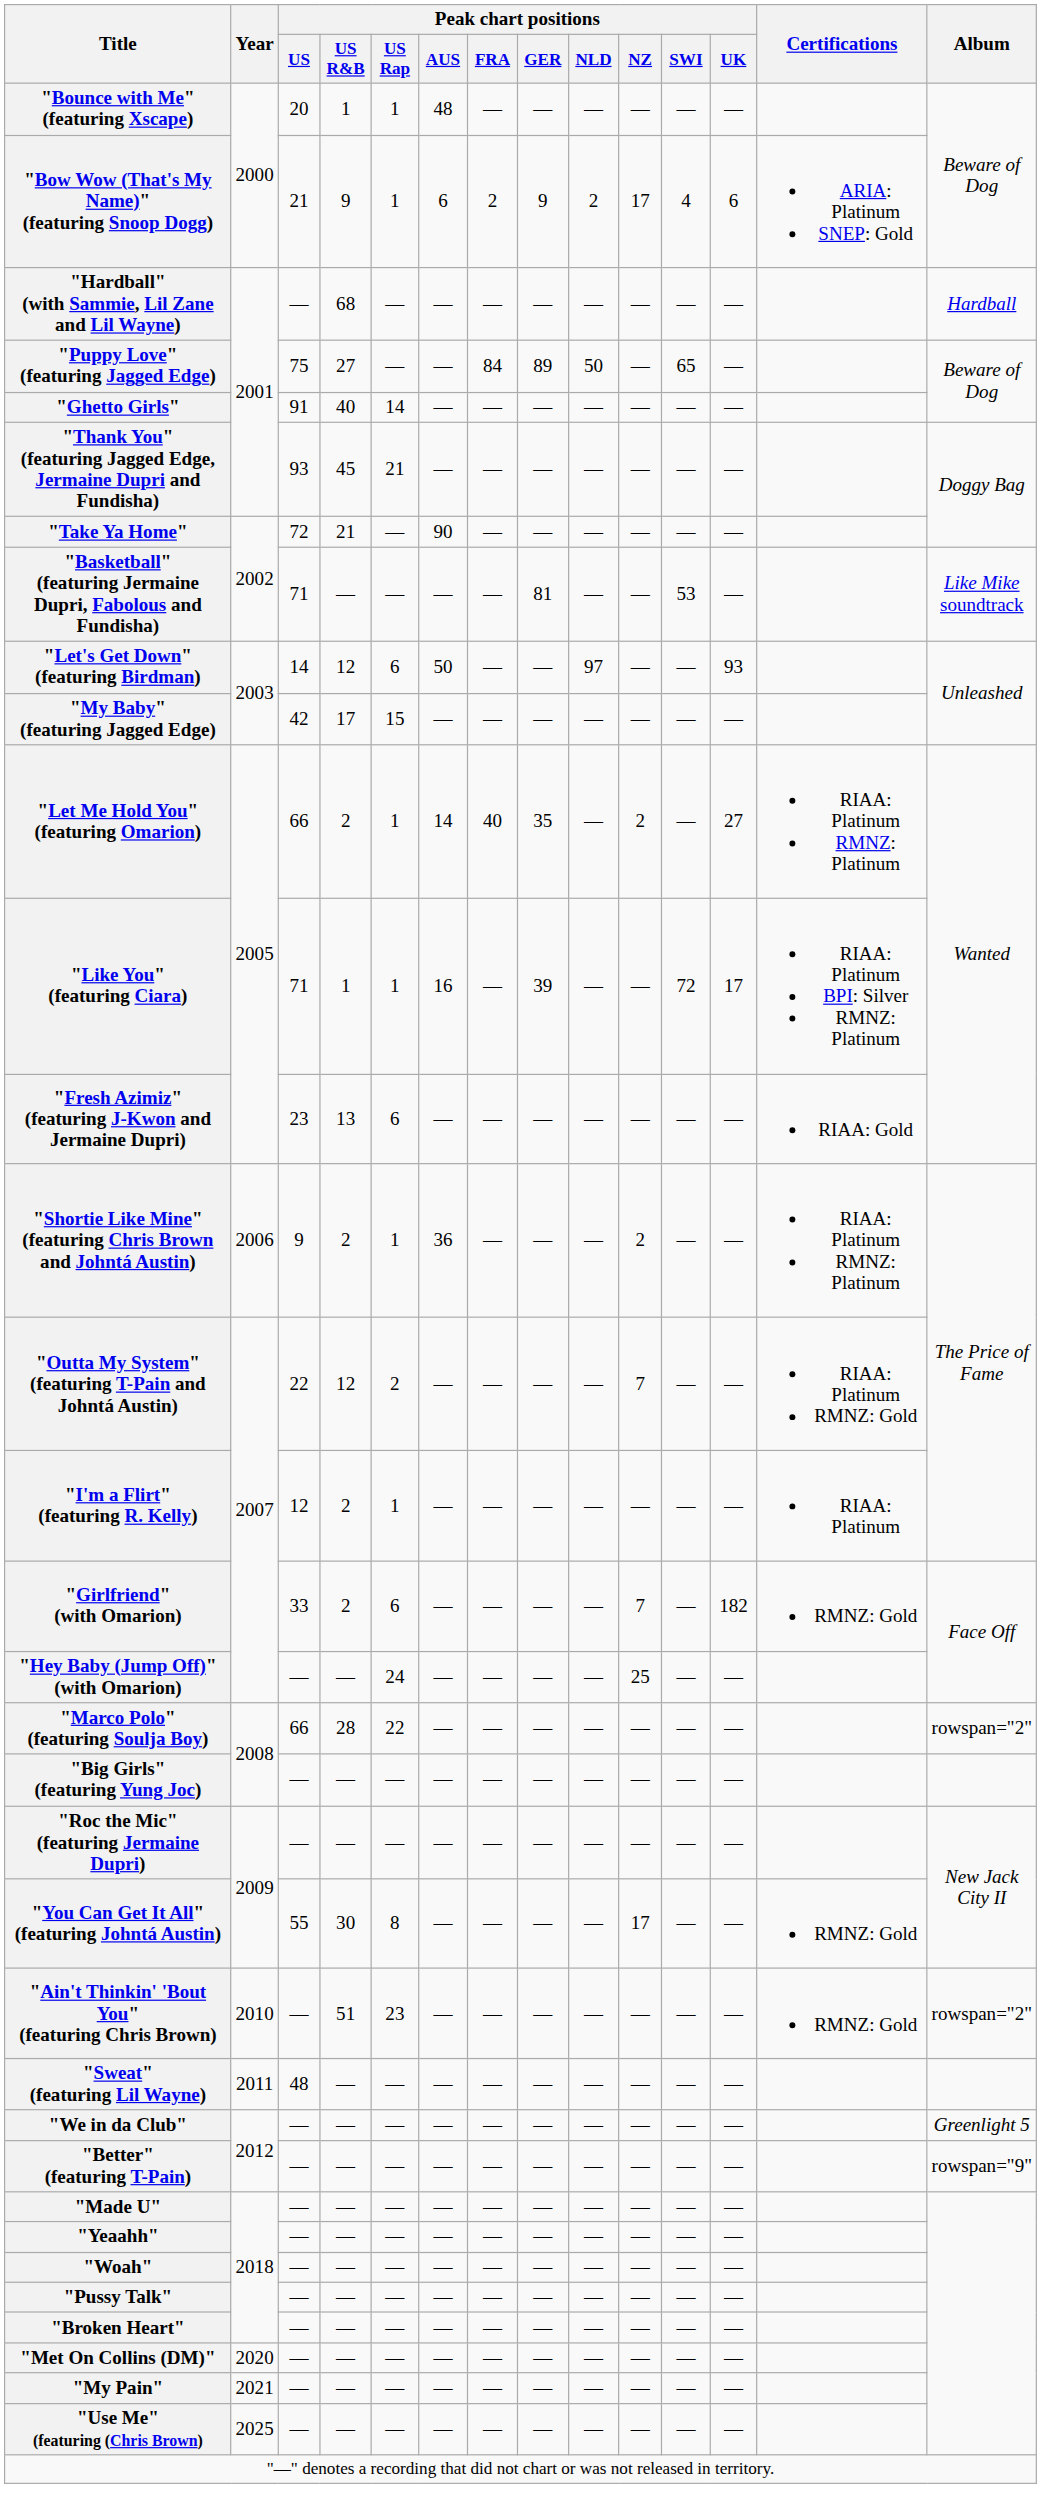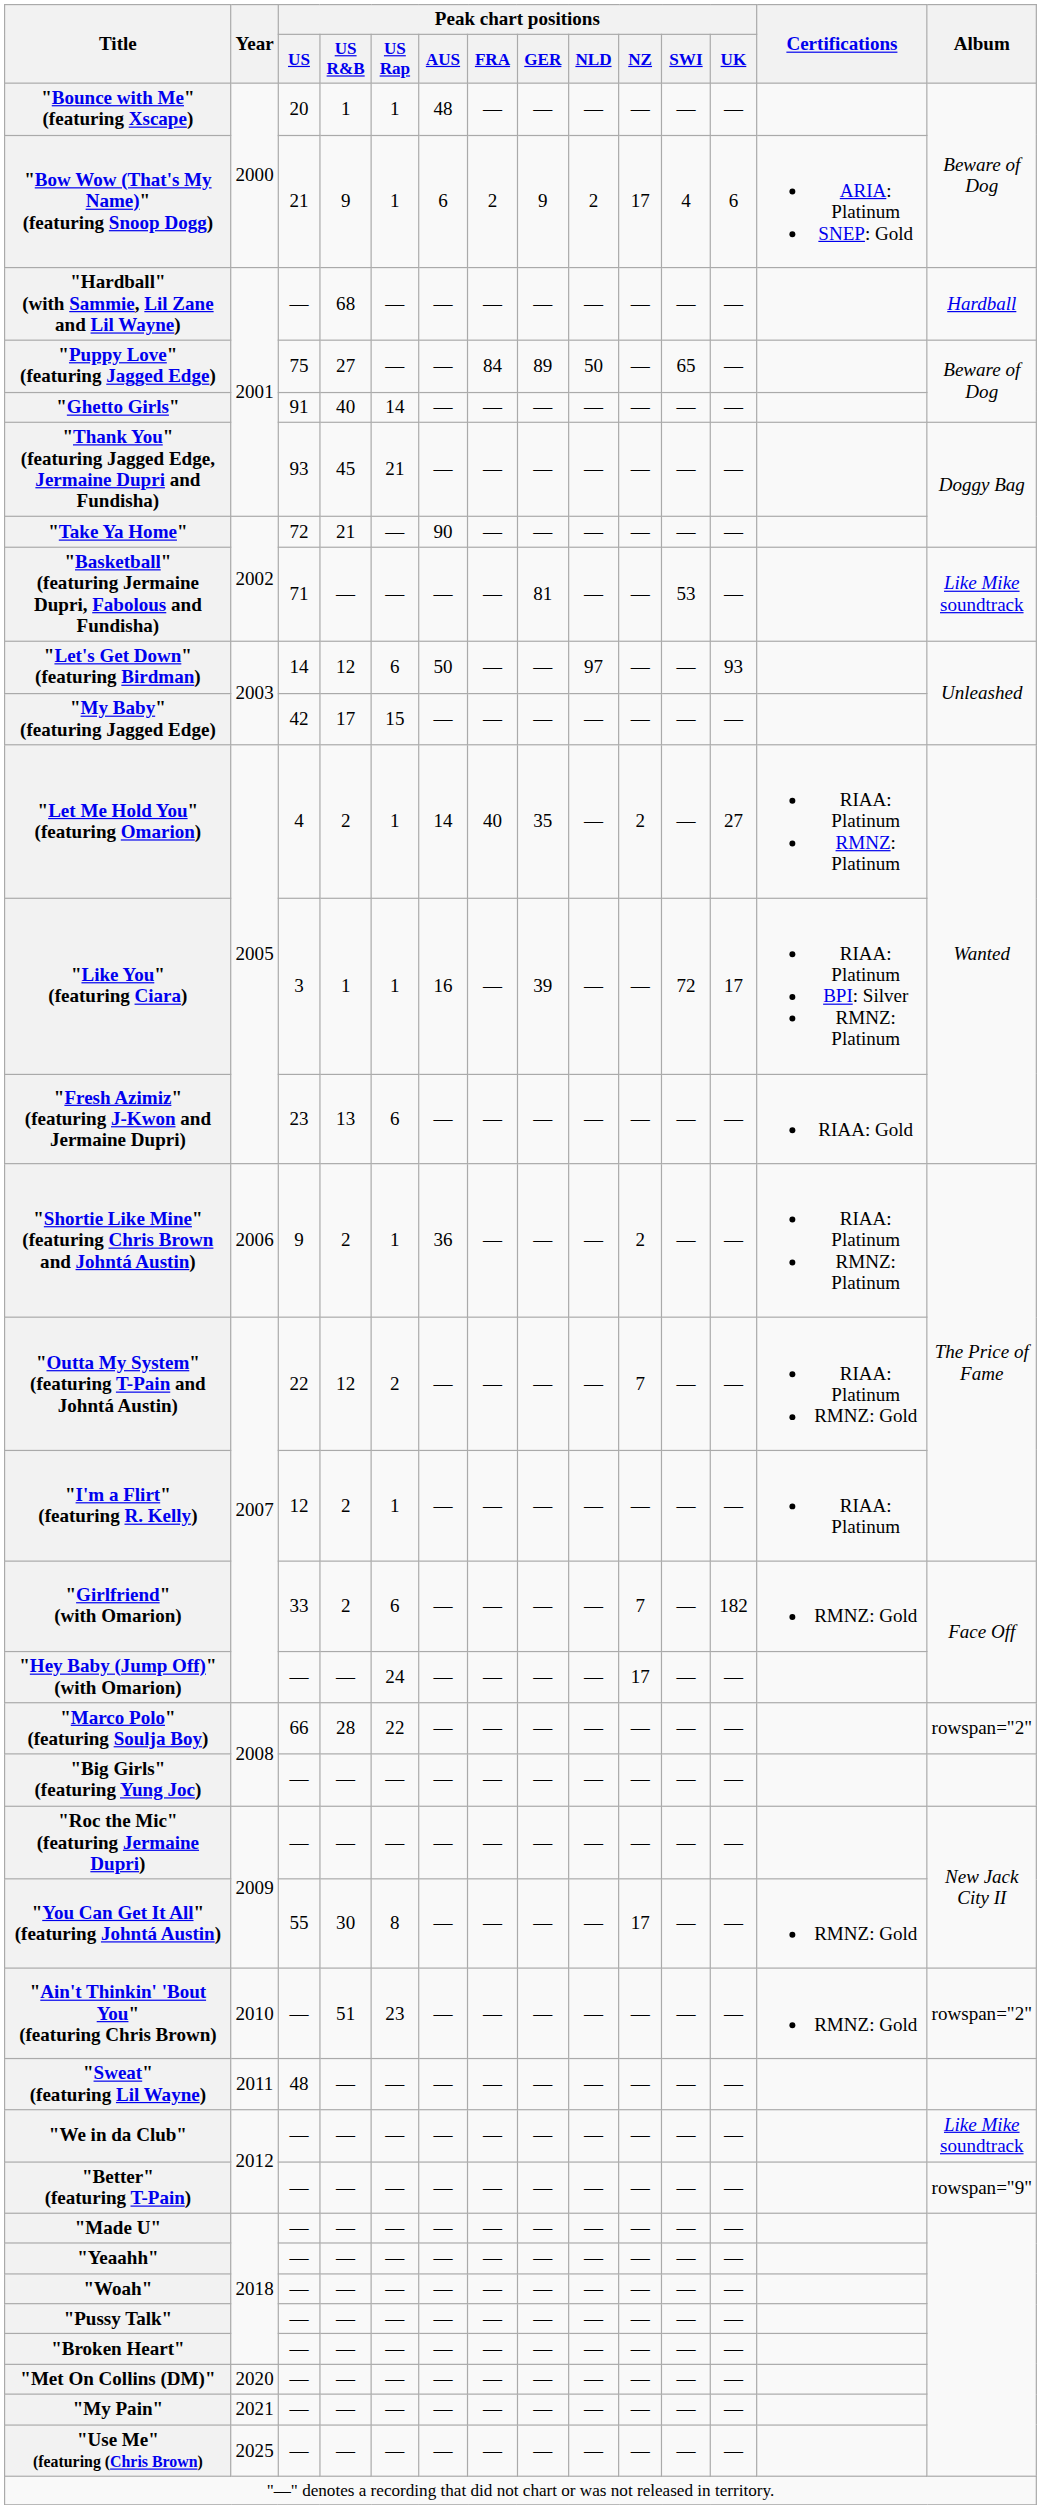 <table class="wikitable plainrowheaders" style="text-align:center;">
 <tr>
 <th scope="col" rowspan="2" style="width:20em;">Title</th>
 <th scope="col" rowspan="2">Year</th>
 <th scope="col" colspan="10">Peak chart positions</th>
 <th scope="col" rowspan="2" style="width:12em;"><a href='#'>Certifications</a></th>
 <th scope="col" rowspan="2">Album</th>
 </tr>
 <tr>
 <th style="width:3em; font-size:90%"><a href='#'>US</a><br></th>
 <th style="width:3em; font-size:90%"><a href='#'>US R&B</a><br></th>
 <th style="width:3em; font-size:90%"><a href='#'>US Rap</a><br></th>
 <th style="width:3em; font-size:90%"><a href='#'>AUS</a><br></th>
 <th style="width:3em; font-size:90%"><a href='#'>FRA</a><br></th>
 <th style="width:3em; font-size:90%"><a href='#'>GER</a><br></th>
 <th style="width:3em; font-size:90%"><a href='#'>NLD</a><br></th>
 <th style="width:3em; font-size:90%"><a href='#'>NZ</a><br></th>
 <th style="width:3em; font-size:90%"><a href='#'>SWI</a><br></th>
 <th style="width:3em; font-size:90%"><a href='#'>UK</a><br></th>
 </tr>
 <tr>
 <th scope="row">"<a href='#'>Bounce with Me</a>"<br><span>(featuring <a href='#'>Xscape</a>)</span></th>
 <td rowspan="2">2000</td>
 <td>20</td>
 <td>1</td>
 <td>1</td>
 <td>48</td>
 <td>—</td>
 <td>—</td>
 <td>—</td>
 <td>—</td>
 <td>—</td>
 <td>—</td>
 <td></td>
 <td rowspan="2"><em>Beware of Dog</em></td>
 </tr>
 <tr>
 <th scope="row">"<a href='#'>Bow Wow (That's My Name)</a>"<br><span>(featuring <a href='#'>Snoop Dogg</a>)</span></th>
 <td>21</td>
 <td>9</td>
 <td>1</td>
 <td>6</td>
 <td>2</td>
 <td>9</td>
 <td>2</td>
 <td>17</td>
 <td>4</td>
 <td>6</td>
 <td><br><ul><li><a href='#'>ARIA</a>: Platinum</li><li><a href='#'>SNEP</a>: Gold</li></ul></td>
 </tr>
 <tr>
 <th scope="row">"Hardball"<br><span>(with <a href='#'>Sammie</a>, <a href='#'>Lil Zane</a> and <a href='#'>Lil Wayne</a>)</span></th>
 <td rowspan="4">2001</td>
 <td>—</td>
 <td>68</td>
 <td>—</td>
 <td>—</td>
 <td>—</td>
 <td>—</td>
 <td>—</td>
 <td>—</td>
 <td>—</td>
 <td>—</td>
 <td></td>
 <td><em><a href='#'>Hardball</a></em></td>
 </tr>
 <tr>
 <th scope="row">"<a href='#'>Puppy Love</a>"<br><span>(featuring <a href='#'>Jagged Edge</a>)</span></th>
 <td>75</td>
 <td>27</td>
 <td>—</td>
 <td>—</td>
 <td>84</td>
 <td>89</td>
 <td>50</td>
 <td>—</td>
 <td>65</td>
 <td>—</td>
 <td></td>
 <td rowspan="2"><em>Beware of Dog</em></td>
 </tr>
 <tr>
 <th scope="row">"<a href='#'>Ghetto Girls</a>"</th>
 <td>91</td>
 <td>40</td>
 <td>14</td>
 <td>—</td>
 <td>—</td>
 <td>—</td>
 <td>—</td>
 <td>—</td>
 <td>—</td>
 <td>—</td>
 <td></td>
 </tr>
 <tr>
 <th scope="row">"<a href='#'>Thank You</a>"<br><span>(featuring Jagged Edge, <a href='#'>Jermaine Dupri</a> and Fundisha)</span></th>
 <td>93</td>
 <td>45</td>
 <td>21</td>
 <td>—</td>
 <td>—</td>
 <td>—</td>
 <td>—</td>
 <td>—</td>
 <td>—</td>
 <td>—</td>
 <td></td>
 <td rowspan="2"><em>Doggy Bag</em></td>
 </tr>
 <tr>
 <th scope="row">"<a href='#'>Take Ya Home</a>"</th>
 <td rowspan="2">2002</td>
 <td>72</td>
 <td>21</td>
 <td>—</td>
 <td>90</td>
 <td>—</td>
 <td>—</td>
 <td>—</td>
 <td>—</td>
 <td>—</td>
 <td>—</td>
 <td></td>
 </tr>
 <tr>
 <th scope="row">"<a href='#'>Basketball</a>"<br><span>(featuring Jermaine Dupri, <a href='#'>Fabolous</a> and Fundisha)</span></th>
 <td>71</td>
 <td>—</td>
 <td>—</td>
 <td>—</td>
 <td>—</td>
 <td>81</td>
 <td>—</td>
 <td>—</td>
 <td>53</td>
 <td>—</td>
 <td></td>
 <td><a href='#'><em>Like Mike</em> soundtrack</a></td>
 </tr>
 <tr>
 <th scope="row">"<a href='#'>Let's Get Down</a>"<br><span>(featuring <a href='#'>Birdman</a>)</span></th>
 <td rowspan="2">2003</td>
 <td>14</td>
 <td>12</td>
 <td>6</td>
 <td>50</td>
 <td>—</td>
 <td>—</td>
 <td>97</td>
 <td>—</td>
 <td>—</td>
 <td>93</td>
 <td></td>
 <td rowspan="2"><em>Unleashed</em></td>
 </tr>
 <tr>
 <th scope="row">"<a href='#'>My Baby</a>"<br><span>(featuring Jagged Edge)</span></th>
 <td>42</td>
 <td>17</td>
 <td>15</td>
 <td>—</td>
 <td>—</td>
 <td>—</td>
 <td>—</td>
 <td>—</td>
 <td>—</td>
 <td>—</td>
 <td></td>
 </tr>
 <tr>
 <th scope="row">"<a href='#'>Let Me Hold You</a>"<br><span>(featuring <a href='#'>Omarion</a>)</span></th>
 <td rowspan="3">2005</td>
-<td>66</td>
+<td>4</td>
 <td>2</td>
 <td>1</td>
 <td>14</td>
 <td>40</td>
 <td>35</td>
 <td>—</td>
 <td>2</td>
 <td>—</td>
 <td>27</td>
 <td><br><ul><li>RIAA: Platinum</li><li><a href='#'>RMNZ</a>: Platinum</li></ul></td>
 <td rowspan="3"><em>Wanted</em></td>
 </tr>
 <tr>
 <th scope="row">"<a href='#'>Like You</a>"<br><span>(featuring <a href='#'>Ciara</a>)</span></th>
-<td>71</td>
+<td>3</td>
 <td>1</td>
 <td>1</td>
 <td>16</td>
 <td>—</td>
 <td>39</td>
 <td>—</td>
 <td>—</td>
 <td>72</td>
 <td>17</td>
 <td><br><ul><li>RIAA: Platinum</li><li><a href='#'>BPI</a>: Silver</li><li>RMNZ: Platinum</li></ul></td>
 </tr>
 <tr>
 <th scope="row">"<a href='#'>Fresh Azimiz</a>"<br><span>(featuring <a href='#'>J-Kwon</a> and Jermaine Dupri)</span></th>
 <td>23</td>
 <td>13</td>
 <td>6</td>
 <td>—</td>
 <td>—</td>
 <td>—</td>
 <td>—</td>
 <td>—</td>
 <td>—</td>
 <td>—</td>
 <td><br><ul><li>RIAA: Gold</li></ul></td>
 </tr>
 <tr>
 <th scope="row">"<a href='#'>Shortie Like Mine</a>"<br><span>(featuring <a href='#'>Chris Brown</a> and <a href='#'>Johntá Austin</a>)</span></th>
 <td>2006</td>
 <td>9</td>
 <td>2</td>
 <td>1</td>
 <td>36</td>
 <td>—</td>
 <td>—</td>
 <td>—</td>
 <td>2</td>
 <td>—</td>
 <td>—</td>
 <td><br><ul><li>RIAA: Platinum</li><li>RMNZ: Platinum</li></ul></td>
 <td rowspan="3"><em>The Price of Fame</em></td>
 </tr>
 <tr>
 <th scope="row">"<a href='#'>Outta My System</a>"<br><span>(featuring <a href='#'>T-Pain</a> and Johntá Austin)</span></th>
 <td rowspan="4">2007</td>
 <td>22</td>
 <td>12</td>
 <td>2</td>
 <td>—</td>
 <td>—</td>
 <td>—</td>
 <td>—</td>
 <td>7</td>
 <td>—</td>
 <td>—</td>
 <td><br><ul><li>RIAA: Platinum</li><li>RMNZ: Gold</li></ul></td>
 </tr>
 <tr>
 <th scope="row">"<a href='#'>I'm a Flirt</a>"<br><span>(featuring <a href='#'>R. Kelly</a>)</span></th>
 <td>12</td>
 <td>2</td>
 <td>1</td>
 <td>—</td>
 <td>—</td>
 <td>—</td>
 <td>—</td>
 <td>—</td>
 <td>—</td>
 <td>—</td>
 <td><br><ul><li>RIAA: Platinum</li></ul></td>
 </tr>
 <tr>
 <th scope="row">"<a href='#'>Girlfriend</a>"<br><span>(with Omarion)</span></th>
 <td>33</td>
 <td>2</td>
 <td>6</td>
 <td>—</td>
 <td>—</td>
 <td>—</td>
 <td>—</td>
 <td>7</td>
 <td>—</td>
 <td>182</td>
 <td><br><ul><li>RMNZ: Gold</li></ul></td>
 <td rowspan="2"><em>Face Off</em></td>
 </tr>
 <tr>
 <th scope="row">"<a href='#'>Hey Baby (Jump Off)</a>"<br><span>(with Omarion)</span></th>
 <td>—</td>
 <td>—</td>
 <td>24</td>
 <td>—</td>
 <td>—</td>
 <td>—</td>
 <td>—</td>
-<td>25</td>
+<td>17</td>
 <td>—</td>
 <td>—</td>
 <td></td>
 </tr>
 <tr>
 <th scope="row">"<a href='#'>Marco Polo</a>"<br><span>(featuring <a href='#'>Soulja Boy</a>)</span></th>
 <td rowspan="2">2008</td>
 <td>66</td>
 <td>28</td>
 <td>22</td>
 <td>—</td>
 <td>—</td>
 <td>—</td>
 <td>—</td>
 <td>—</td>
 <td>—</td>
 <td>—</td>
 <td></td>
 <td>rowspan="2" </td>
 </tr>
 <tr>
 <th scope="row">"Big Girls"<br><span>(featuring <a href='#'>Yung Joc</a>)</span></th>
 <td>—</td>
 <td>—</td>
 <td>—</td>
 <td>—</td>
 <td>—</td>
 <td>—</td>
 <td>—</td>
 <td>—</td>
 <td>—</td>
 <td>—</td>
 <td></td>
 </tr>
 <tr>
 <th scope="row">"Roc the Mic"<br><span>(featuring <a href='#'>Jermaine Dupri</a>)</span></th>
 <td rowspan="2">2009</td>
 <td>—</td>
 <td>—</td>
 <td>—</td>
 <td>—</td>
 <td>—</td>
 <td>—</td>
 <td>—</td>
 <td>—</td>
 <td>—</td>
 <td>—</td>
 <td></td>
 <td rowspan="2"><em>New Jack City II</em></td>
 </tr>
 <tr>
 <th scope="row">"<a href='#'>You Can Get It All</a>"<br><span>(featuring <a href='#'>Johntá Austin</a>)</span></th>
 <td>55</td>
 <td>30</td>
 <td>8</td>
 <td>—</td>
 <td>—</td>
 <td>—</td>
 <td>—</td>
 <td>17</td>
 <td>—</td>
 <td>—</td>
 <td><br><ul><li>RMNZ: Gold</li></ul></td>
 </tr>
 <tr>
 <th scope="row">"<a href='#'>Ain't Thinkin' 'Bout You</a>"<br><span>(featuring Chris Brown)</span></th>
 <td>2010</td>
 <td>—</td>
 <td>51</td>
 <td>23</td>
 <td>—</td>
 <td>—</td>
 <td>—</td>
 <td>—</td>
 <td>—</td>
 <td>—</td>
 <td>—</td>
 <td><br><ul><li>RMNZ: Gold</li></ul></td>
 <td>rowspan="2" </td>
 </tr>
 <tr>
 <th scope="row">"<a href='#'>Sweat</a>"<br><span>(featuring <a href='#'>Lil Wayne</a>)</span></th>
 <td>2011</td>
 <td>48</td>
 <td>—</td>
 <td>—</td>
 <td>—</td>
 <td>—</td>
 <td>—</td>
 <td>—</td>
 <td>—</td>
 <td>—</td>
 <td>—</td>
 <td></td>
 </tr>
 <tr>
 <th scope="row">"We in da Club"</th>
 <td rowspan="2">2012</td>
 <td>—</td>
 <td>—</td>
 <td>—</td>
 <td>—</td>
 <td>—</td>
 <td>—</td>
 <td>—</td>
 <td>—</td>
 <td>—</td>
 <td>—</td>
 <td></td>
-<td><em>Greenlight 5</em></td>
+<td><a href='#'><em>Like Mike</em> soundtrack</a></td>
 </tr>
 <tr>
 <th scope="row">"Better"<br><span>(featuring <a href='#'>T-Pain</a>)</span></th>
 <td>—</td>
 <td>—</td>
 <td>—</td>
 <td>—</td>
 <td>—</td>
 <td>—</td>
 <td>—</td>
 <td>—</td>
 <td>—</td>
 <td>—</td>
 <td></td>
 <td>rowspan="9" </td>
 </tr>
 <tr>
 <th scope="row">"Made U"</th>
 <td rowspan="5">2018</td>
 <td>—</td>
 <td>—</td>
 <td>—</td>
 <td>—</td>
 <td>—</td>
 <td>—</td>
 <td>—</td>
 <td>—</td>
 <td>—</td>
 <td>—</td>
 <td></td>
 </tr>
 <tr>
 <th scope="row">"Yeaahh"</th>
 <td>—</td>
 <td>—</td>
 <td>—</td>
 <td>—</td>
 <td>—</td>
 <td>—</td>
 <td>—</td>
 <td>—</td>
 <td>—</td>
 <td>—</td>
 <td></td>
 </tr>
 <tr>
 <th scope="row">"Woah"</th>
 <td>—</td>
 <td>—</td>
 <td>—</td>
 <td>—</td>
 <td>—</td>
 <td>—</td>
 <td>—</td>
 <td>—</td>
 <td>—</td>
 <td>—</td>
 <td></td>
 </tr>
 <tr>
 <th scope="row">"Pussy Talk"</th>
 <td>—</td>
 <td>—</td>
 <td>—</td>
 <td>—</td>
 <td>—</td>
 <td>—</td>
 <td>—</td>
 <td>—</td>
 <td>—</td>
 <td>—</td>
 <td></td>
 </tr>
 <tr>
 <th scope="row">"Broken Heart"</th>
 <td>—</td>
 <td>—</td>
 <td>—</td>
 <td>—</td>
 <td>—</td>
 <td>—</td>
 <td>—</td>
 <td>—</td>
 <td>—</td>
 <td>—</td>
 <td></td>
 </tr>
 <tr>
 <th scope="row">"Met On Collins (DM)"</th>
 <td>2020</td>
 <td>—</td>
 <td>—</td>
 <td>—</td>
 <td>—</td>
 <td>—</td>
 <td>—</td>
 <td>—</td>
 <td>—</td>
 <td>—</td>
 <td>—</td>
 <td></td>
 </tr>
 <tr>
 <th scope="row">"My Pain"</th>
 <td>2021</td>
 <td>—</td>
 <td>—</td>
 <td>—</td>
 <td>—</td>
 <td>—</td>
 <td>—</td>
 <td>—</td>
 <td>—</td>
 <td>—</td>
 <td>—</td>
 <td></td>
 </tr>
 <tr>
 <th scope="row">"Use Me"<br><small>(featuring (<a href='#'>Chris Brown</a>)</small></th>
 <td>2025</td>
 <td>—</td>
 <td>—</td>
 <td>—</td>
 <td>—</td>
 <td>—</td>
 <td>—</td>
 <td>—</td>
 <td>—</td>
 <td>—</td>
 <td>—</td>
 <td></td>
 </tr>
 <tr>
 <td colspan="14" style="font-size:90%">"—" denotes a recording that did not chart or was not released in territory.</td>
 </tr>
 </table>
